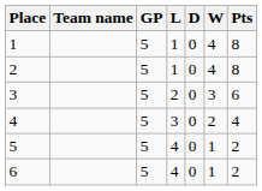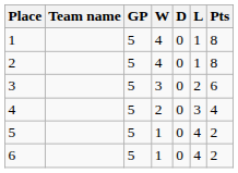 <table class="wikitable">
 <tr>
 <th>Place</th>
 <th>Team name</th>
 <th>GP</th>
+<th>W</th>
+<th>D</th>
 <th>L</th>
-<th>D</th>
-<th>W</th>
 <th>Pts</th>
 </tr>
 <tr>
 <td>1</td>
 <td></td>
 <td>5</td>
+<td>4</td>
+<td>0</td>
 <td>1</td>
-<td>0</td>
-<td>4</td>
 <td>8</td>
 </tr>
 <tr>
 <td>2</td>
 <td></td>
 <td>5</td>
+<td>4</td>
+<td>0</td>
 <td>1</td>
-<td>0</td>
-<td>4</td>
 <td>8</td>
 </tr>
 <tr>
 <td>3</td>
 <td></td>
 <td>5</td>
+<td>3</td>
+<td>0</td>
 <td>2</td>
-<td>0</td>
-<td>3</td>
 <td>6</td>
 </tr>
 <tr>
 <td>4</td>
 <td></td>
 <td>5</td>
+<td>2</td>
+<td>0</td>
 <td>3</td>
-<td>0</td>
-<td>2</td>
 <td>4</td>
 </tr>
 <tr>
 <td>5</td>
 <td></td>
 <td>5</td>
+<td>1</td>
+<td>0</td>
 <td>4</td>
-<td>0</td>
-<td>1</td>
 <td>2</td>
 </tr>
 <tr>
 <td>6</td>
 <td></td>
 <td>5</td>
+<td>1</td>
+<td>0</td>
 <td>4</td>
-<td>0</td>
-<td>1</td>
 <td>2</td>
 </tr>
 </table>
